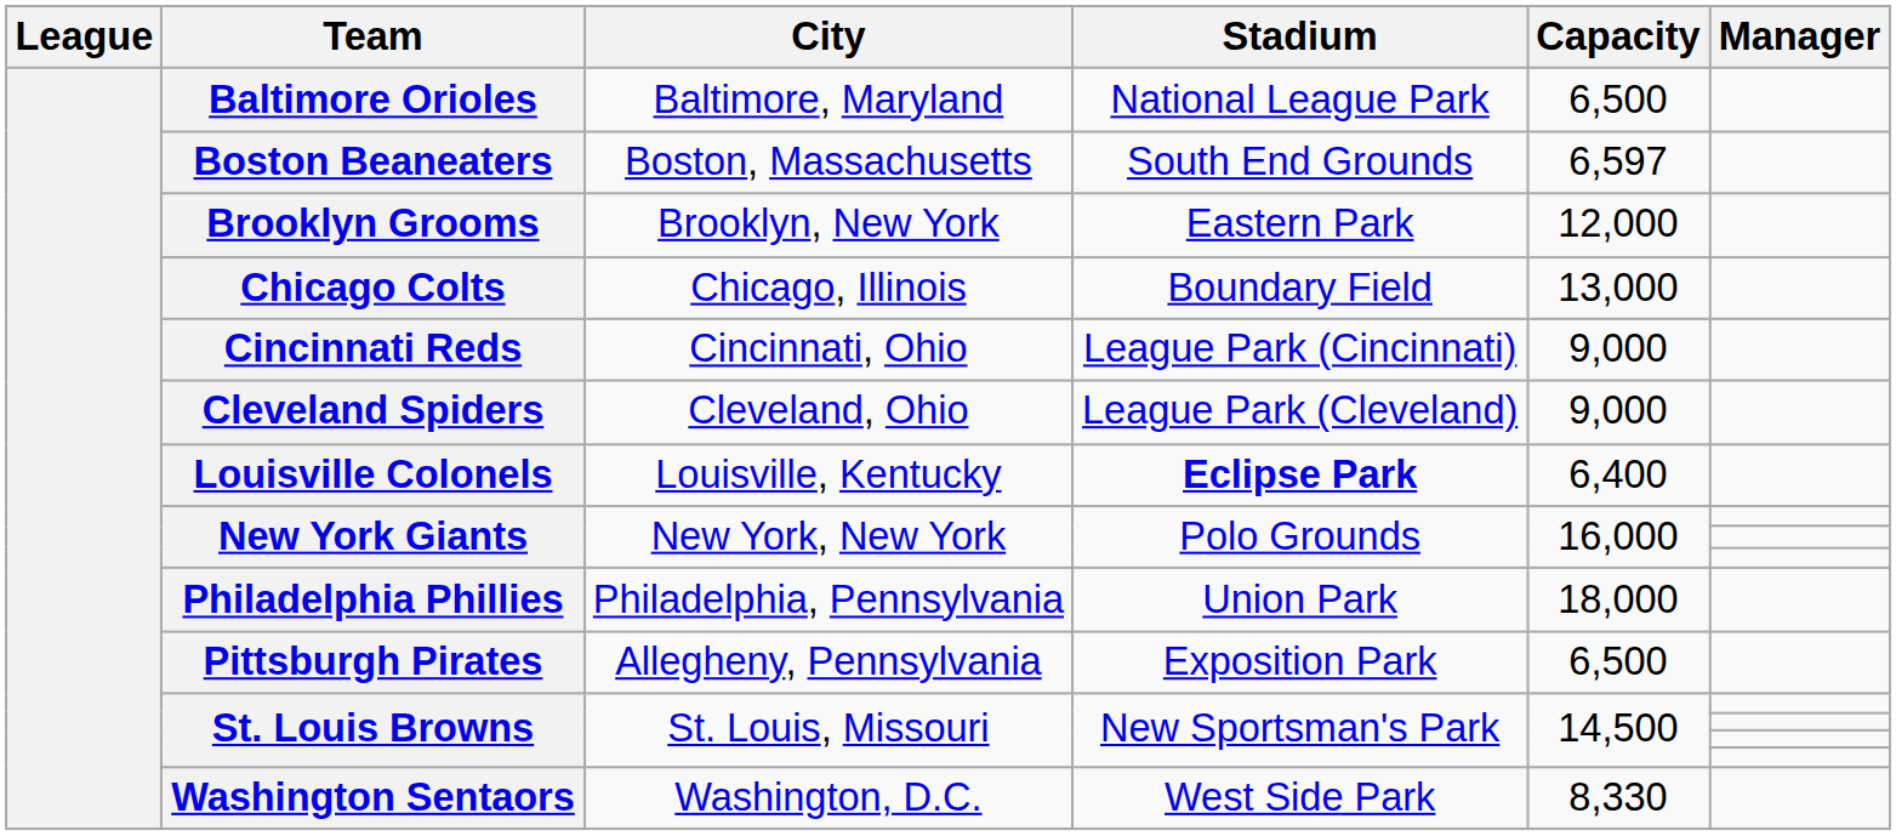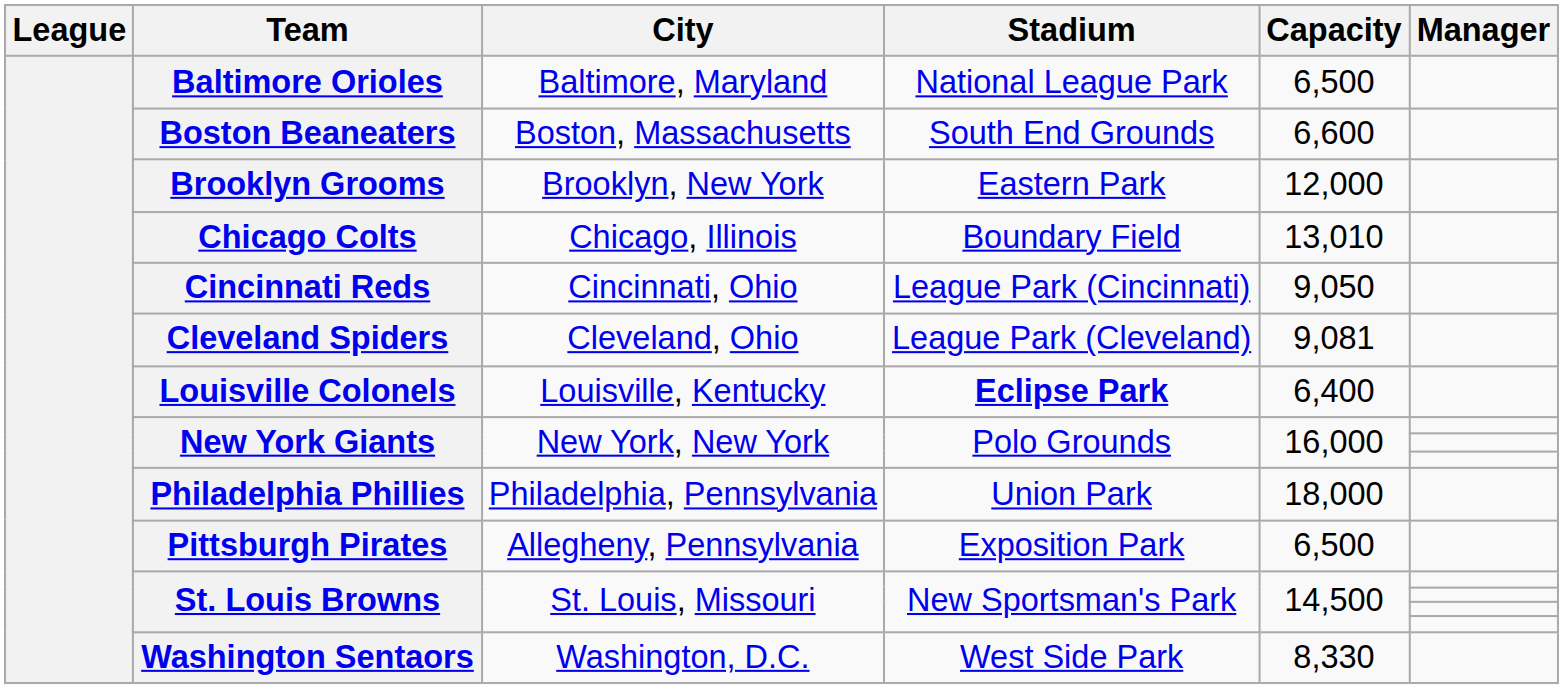 <table class="wikitable sortable plainrowheaders" style="text-align:center;">
 <tr>
 <th scope="col">League</th>
 <th scope="col">Team</th>
 <th scope="col">City</th>
 <th scope="col">Stadium</th>
 <th scope="col">Capacity</th>
 <th scope="col">Manager</th>
 </tr>
 <tr>
 <th rowspan="17"></th>
 <th scope="row"><a href='#'>Baltimore Orioles</a></th>
 <td><a href='#'>Baltimore</a>, <a href='#'>Maryland</a></td>
 <td><a href='#'>National League Park</a></td>
 <td>6,500</td>
 <td></td>
 </tr>
 <tr>
 <th scope="row"><a href='#'>Boston Beaneaters</a></th>
 <td><a href='#'>Boston</a>, <a href='#'>Massachusetts</a></td>
 <td><a href='#'>South End Grounds</a></td>
-<td>6,597</td>
+<td>6,600</td>
 <td></td>
 </tr>
 <tr>
 <th scope="row"><a href='#'>Brooklyn Grooms</a></th>
 <td><a href='#'>Brooklyn</a>, <a href='#'>New York</a></td>
 <td><a href='#'>Eastern Park</a></td>
 <td>12,000</td>
 <td></td>
 </tr>
 <tr>
 <th scope="row"><a href='#'>Chicago Colts</a></th>
 <td><a href='#'>Chicago</a>, <a href='#'>Illinois</a></td>
 <td><a href='#'>Boundary Field</a></td>
-<td>13,000</td>
+<td>13,010</td>
 <td></td>
 </tr>
 <tr>
 <th scope="row"><a href='#'>Cincinnati Reds</a></th>
 <td><a href='#'>Cincinnati</a>, <a href='#'>Ohio</a></td>
 <td><a href='#'>League Park (Cincinnati)</a></td>
-<td>9,000</td>
+<td>9,050</td>
 <td></td>
 </tr>
 <tr>
 <th scope="row"><a href='#'>Cleveland Spiders</a></th>
 <td><a href='#'>Cleveland</a>, <a href='#'>Ohio</a></td>
 <td><a href='#'>League Park (Cleveland)</a></td>
-<td>9,000</td>
+<td>9,081</td>
 <td></td>
 </tr>
 <tr>
 <th scope="row"><a href='#'>Louisville Colonels</a></th>
 <td><a href='#'>Louisville</a>, <a href='#'>Kentucky</a></td>
 <td><strong><a href='#'>Eclipse Park</a></strong></td>
 <td>6,400</td>
 <td></td>
 </tr>
 <tr>
 <th rowspan="3" scope="row"><a href='#'>New York Giants</a></th>
 <td rowspan="3"><a href='#'>New York</a>, <a href='#'>New York</a></td>
 <td rowspan="3"><a href='#'>Polo Grounds</a></td>
 <td rowspan="3">16,000</td>
 <td></td>
 </tr>
 <tr>
 <td></td>
 </tr>
 <tr>
 <td></td>
 </tr>
 <tr>
 <th scope="row"><a href='#'>Philadelphia Phillies</a></th>
 <td><a href='#'>Philadelphia</a>, <a href='#'>Pennsylvania</a></td>
 <td><a href='#'>Union Park</a></td>
 <td>18,000</td>
 <td></td>
 </tr>
 <tr>
 <th scope="row"><a href='#'>Pittsburgh Pirates</a></th>
 <td><a href='#'>Allegheny</a>, <a href='#'>Pennsylvania</a></td>
 <td><a href='#'>Exposition Park</a></td>
 <td>6,500</td>
 <td></td>
 </tr>
 <tr>
 <th rowspan="4" scope="row"><a href='#'>St. Louis Browns</a></th>
 <td rowspan="4"><a href='#'>St. Louis</a>, <a href='#'>Missouri</a></td>
 <td rowspan="4"><a href='#'>New Sportsman's Park</a></td>
 <td rowspan="4">14,500</td>
 <td></td>
 </tr>
 <tr>
 <td></td>
 </tr>
 <tr>
 <td></td>
 </tr>
 <tr>
 <td></td>
 </tr>
 <tr>
 <th scope="row"><a href='#'>Washington Sentaors</a></th>
 <td><a href='#'>Washington, D.C.</a></td>
 <td><a href='#'>West Side Park</a></td>
 <td>8,330</td>
 <td></td>
 </tr>
 </table>
